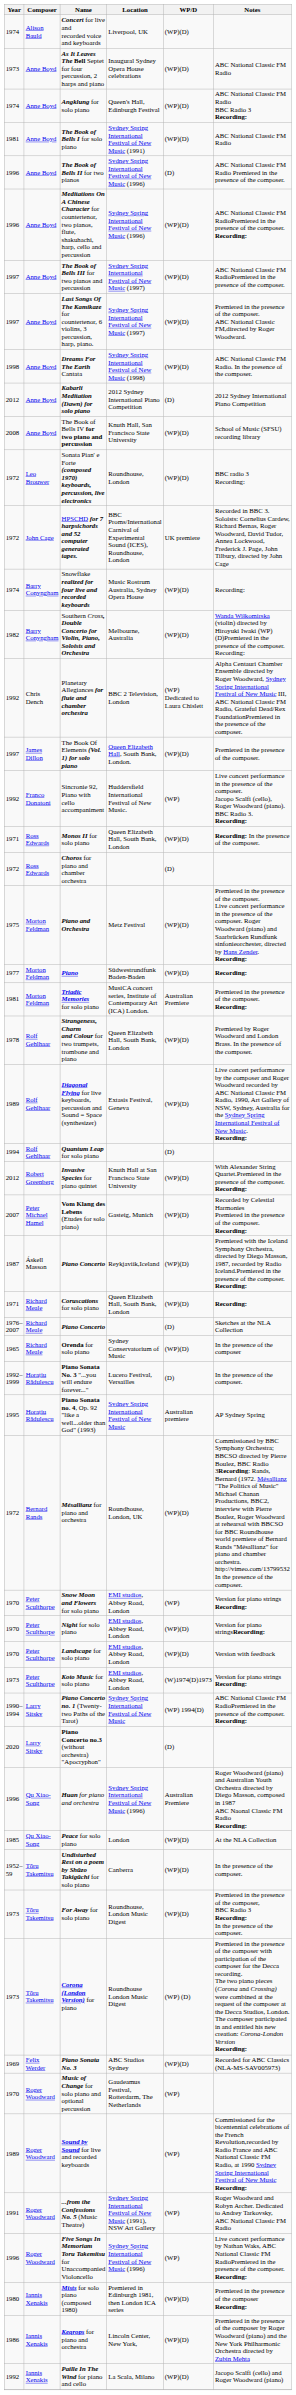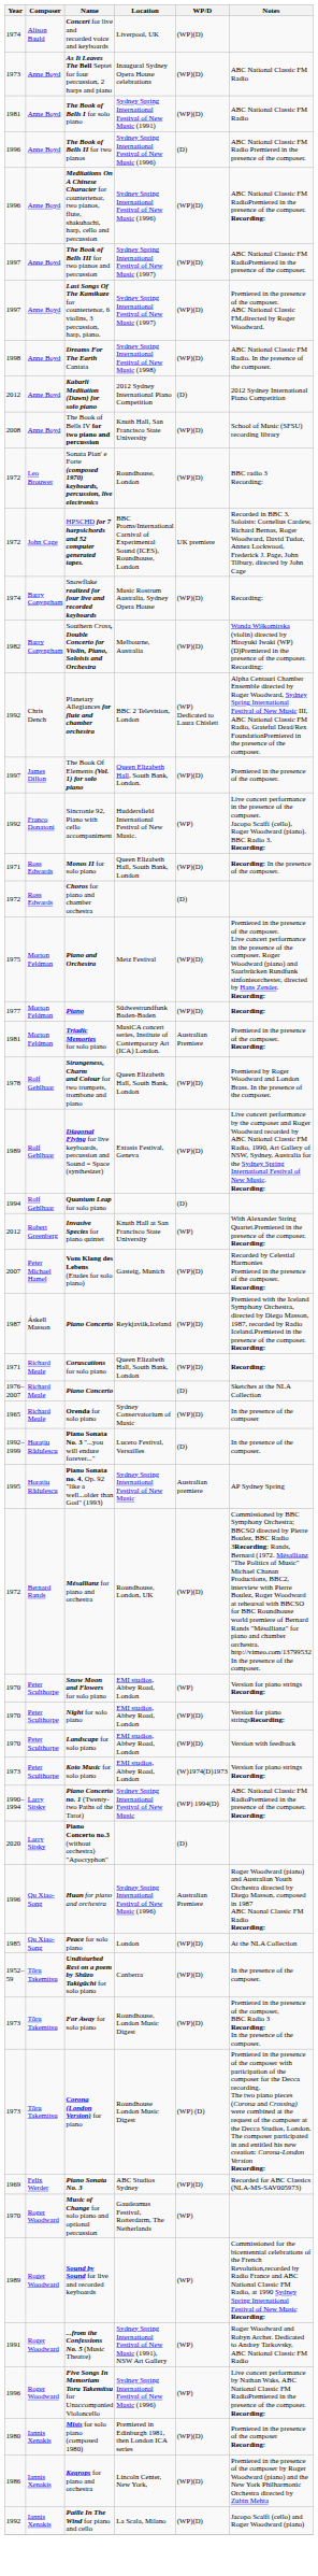 <table class="wikitable sortable">
 <tr>
 <th>Year</th>
 <th>Composer</th>
 <th>Name</th>
 <th>Location</th>
 <th>WP/D</th>
 <th>Notes</th>
 </tr>
 <tr>
 <td>1974</td>
 <td><a href='#'>Alison Bauld</a></td>
 <td><strong><em>Concert</em></strong> for live and<br>recorded voice and keyboards</td>
 <td>Liverpool, UK</td>
 <td>(WP)(D)</td>
 <td></td>
 </tr>
 <tr>
 <td>1973</td>
 <td><a href='#'>Anne Boyd</a></td>
 <td><strong><em>As It Leaves The</em></strong> <strong>Bell</strong> Septet for four percussion, 2 harps and piano</td>
 <td>Inaugural Sydney Opera House celebrations</td>
 <td>(WP)(D)</td>
 <td>ABC National Classic FM Radio</td>
-</tr>
-<tr>
-<td>1974</td>
-<td><a href='#'>Anne Boyd</a></td>
-<td><strong><em>Angklung</em></strong> for solo piano</td>
-<td>Queen's Hall, Edinburgh Festival</td>
-<td>(WP)(D)</td>
-<td>ABC National Classic FM Radio<br>BBC Radio 3<br><strong>Recording:</strong> </td>
 </tr>
 <tr>
 <td>1981</td>
 <td><a href='#'>Anne Boyd</a></td>
 <td><strong><em>The Book of Bells I</em></strong> for solo piano</td>
 <td><a href='#'>Sydney Spring International Festival of New Music</a> (1991)</td>
 <td>(WP)(D)</td>
 <td>ABC National Classic FM Radio</td>
 </tr>
 <tr>
 <td>1996</td>
 <td><a href='#'>Anne Boyd</a></td>
 <td><strong><em>The Book of Bells II</em></strong> for two pianos</td>
 <td><a href='#'>Sydney Spring International Festival of New Music</a> (1996)</td>
 <td>(D)</td>
 <td>ABC National Classic FM Radio Premiered in the presence of the composer.</td>
 </tr>
 <tr>
 <td>1996</td>
 <td><a href='#'>Anne Boyd</a></td>
 <td><strong><em>Meditations On A Chinese Character</em></strong> for countertenor, two pianos, flute, shakuhachi, harp, cello and percussion</td>
 <td><a href='#'>Sydney Spring International Festival of New Music</a> (1996)</td>
 <td>(WP)(D)</td>
 <td>ABC National Classic FM RadioPremiered in the presence of the composer.<br><strong>Recording:</strong> </td>
 </tr>
 <tr>
 <td>1997</td>
 <td><a href='#'>Anne Boyd</a></td>
 <td><strong><em>The Book of Bells III</em></strong> for two pianos and percussion</td>
 <td><a href='#'>Sydney Spring International Festival of New Music</a> (1997)</td>
 <td>(WP)(D)</td>
 <td>ABC National Classic FM RadioPremiered in the presence of the composer.</td>
 </tr>
 <tr>
 <td>1997</td>
 <td><a href='#'>Anne Boyd</a></td>
 <td><strong><em>Last Songs Of The Kamikaze</em></strong> for countertenor, 6 violins, 3 percussion, harp, piano.</td>
 <td><a href='#'>Sydney Spring International Festival of New Music</a> (1997)</td>
 <td>(WP)(D)</td>
 <td>Premiered in the presence of the composer.<br>ABC National Classic FM,directed by Roger Woodward.</td>
 </tr>
 <tr>
 <td>1998</td>
 <td><a href='#'>Anne Boyd</a></td>
 <td><strong><em>Dreams For The Earth</em></strong> Cantata</td>
 <td><a href='#'>Sydney Spring International Festival of New Music</a> (1998)</td>
 <td>(WP)(D)</td>
 <td>ABC National Classic FM Radio. In the presence of the composer.</td>
 </tr>
 <tr>
 <td>2012</td>
 <td><a href='#'>Anne Boyd</a></td>
 <td><strong><em>Kabarli M<em>editation (Dawn)<strong> for solo piano</td>
 <td>2012 Sydney International Piano Competition</td>
 <td>(D)</td>
 <td>2012 Sydney International Piano Competition</td>
 </tr>
 <tr>
 <td>2008</td>
 <td><a href='#'>Anne Boyd</a></td>
 <td></strong>The Book of Bells IV<strong> for two piano and percussion</td>
 <td>Knuth Hall, San Francisco State University</td>
 <td>(WP)(D)</td>
 <td>School of Music (SFSU) recording library</td>
 </tr>
 <tr>
 <td>1972</td>
 <td><a href='#'>Leo Brouwer</a></td>
 <td></em></strong>Sonata Pian' e Forte<strong><em> (composed 1970) keyboards, percussion, live electronics</td>
 <td>Roundhouse, London</td>
 <td>(WP)(D)</td>
 <td>BBC radio 3<br></strong>Recording:<strong> </td>
 </tr>
 <tr>
 <td>1972</td>
 <td><a href='#'>John Cage</a></td>
 <td></em></strong><a href='#'>HPSCHD</a><strong><em> for 7 harpsichords and 52 computer generated tapes.</td>
 <td>BBC Proms/International Carnival of Experimental Sound (ICES), Roundhouse, London</td>
 <td>UK premiere</td>
 <td>Recorded in BBC 3.<br>Soloists: Cornelius Cardew, Richard Bernas, Roger Woodward, David Tudor, Annea Lockwood, Frederick J. Page, John Tilbury, directed by John Cage</td>
 </tr>
 <tr>
 <td>1974</td>
 <td><a href='#'>Barry Conyngham</a></td>
 <td></em></strong>Snowflake<strong><em> realized for four live and recorded keyboards</td>
 <td>Music Rostrum Australia, Sydney Opera House</td>
 <td>(WP)(D)</td>
 <td></strong>Recording:<strong> </td>
 </tr>
 <tr>
 <td>1982</td>
 <td><a href='#'>Barry Conyngham</a></td>
 <td></em></strong>Southern<strong><em> </strong>Cross<strong>, Double Concerto for Violin, Piano, Soloists and Orchestra</td>
 <td>Melbourne, Australia</td>
 <td>(WP)(D)</td>
 <td><a href='#'>Wanda Wiłkomirska</a> (violin) directed by Hiroyuki Iwaki (WP)(D)Premiered in the presence of the composer.<br></strong>Recording:<strong> </td>
 </tr>
 <tr>
 <td>1992</td>
 <td>Chris Dench</td>
 <td></em></strong>Planetary Allegiances<strong><em> for flute and chamber orchestra</td>
 <td>BBC 2 Television, London</td>
 <td>(WP)<br>Dedicated to Laura Chislett</td>
 <td>Alpha Centauri Chamber Ensemble directed by Roger Woodward, <a href='#'>Sydney Spring International Festival of New Music</a> III, ABC National Classic FM Radio, Grateful Dead/Rex FoundationPremiered in the presence of the composer.</td>
 </tr>
 <tr>
 <td>1997</td>
 <td><a href='#'>James Dillon</a></td>
 <td></em></strong>The Book Of Elements<strong><em> (Vol. 1) for solo piano</td>
 <td><a href='#'>Queen Elizabeth Hall</a>, South Bank, London.</td>
 <td>(WP)(D)</td>
 <td>Premiered in the presence of the composer.</td>
 </tr>
 <tr>
 <td>1992</td>
 <td><a href='#'>Franco Donatoni</a></td>
 <td></em></strong>Sincronie 92</strong>,</em> Piano with cello accompaniment</td>
 <td>Huddersfield International Festival of New Music.</td>
 <td>(WP)</td>
 <td>Live concert performance in the presence of the composer.<br>Jacopo Scalfi (cello), Roger Woodward (piano). BBC Radio 3.<br><strong>Recording:</strong> </td>
 </tr>
 <tr>
 <td>1971</td>
 <td><a href='#'>Ross Edwards</a></td>
 <td><strong><em>Monos II</em></strong> for solo piano</td>
 <td>Queen Elizabeth Hall, South Bank, London</td>
 <td>(WP)(D)</td>
 <td><strong>Recording:</strong>  In the presence of the composer.</td>
 </tr>
 <tr>
 <td>1972</td>
 <td><a href='#'>Ross Edwards</a></td>
 <td><strong><em>Choros</em></strong> for piano and chamber orchestra</td>
 <td></td>
 <td>(D)</td>
 <td></td>
 </tr>
 <tr>
 <td>1975</td>
 <td><a href='#'>Morton Feldman</a></td>
 <td><strong><em>Piano and Orchestra</em></strong></td>
 <td>Metz Festival</td>
 <td>(WP)(D)</td>
 <td>Premiered in the presence of the composer.<br>Live concert performance in the presence of the composer. Roger Woodward (piano) and Saarbrücken Rundfunk sinfonieorchester, directed by <a href='#'>Hans Zender</a>. <strong>Recording:</strong> </td>
 </tr>
 <tr>
 <td>1977</td>
 <td><a href='#'>Morton Feldman</a></td>
 <td><strong><em><a href='#'>Piano</a></em></strong></td>
 <td>Südwestrundfunk Baden-Baden</td>
 <td>(WP)(D)</td>
 <td><strong>Recording:</strong> </td>
 </tr>
 <tr>
 <td>1981</td>
 <td><a href='#'>Morton Feldman</a></td>
 <td><strong><em><a href='#'>Triadic Memories</a></em></strong><br>for solo piano</td>
 <td>MusiCA concert series, Institute of Contemporary Art (ICA) London.</td>
 <td>Australian Premiere</td>
 <td>Premiered in the presence of the composer.<br><strong>Recording:</strong> </td>
 </tr>
 <tr>
 <td>1978</td>
 <td><a href='#'>Rolf Gehlhaar</a></td>
 <td><strong><em>Strangeness, Charm</em></strong><br><strong><em>and Colour</em></strong> for two trumpets, trombone and piano</td>
 <td>Queen Elizabeth Hall, South Bank, London</td>
 <td>(WP)(D)</td>
 <td>Premiered by Roger Woodward and London Brass. In the presence of the composer.</td>
 </tr>
 <tr>
 <td>1989</td>
 <td><a href='#'>Rolf Gehlhaar</a></td>
 <td><strong><em><a href='#'>Diagonal Flying</a></em></strong> for live keyboards, percussion and Sound = Space (synthesizer)</td>
 <td>Extasis Festival, Geneva</td>
 <td>(WP)(D)</td>
 <td>Live concert performance by the composer and Roger Woodward recorded by ABC National Classic FM Radio, 1990, Art Gallery of NSW, Sydney, Australia for the <a href='#'>Sydney Spring International Festival of New Music</a>.<br><strong>Recording:</strong> </td>
 </tr>
 <tr>
 <td>1994</td>
 <td><a href='#'>Rolf Gehlhaar</a></td>
 <td><strong><em>Quantum Leap</em></strong> for solo piano</td>
 <td></td>
 <td>(D)</td>
 <td></td>
 </tr>
 <tr>
 <td>2012</td>
 <td><a href='#'>Robert Greenberg</a></td>
 <td><strong><em>Invasive Species</em></strong> for piano quintet</td>
 <td>Knuth Hall at San Francisco State University</td>
-<td>(WP)(D)</td>
+<td>(WP)</td>
 <td>With Alexander String Quartet.Premiered in the presence of the composer.<br><strong>Recording:</strong> </td>
 </tr>
 <tr>
 <td>2007</td>
 <td><a href='#'>Peter Michael Hamel</a></td>
 <td><strong>Vom Klang des</strong><br><strong>Lebens</strong><br>(Etudes for solo piano)</td>
 <td>Gasteig, Munich</td>
 <td>(WP)(D)</td>
 <td>Recorded by Celestial Harmonies<br>Premiered in the presence of the composer. <strong>Recording:</strong> </td>
 </tr>
 <tr>
 <td>1987</td>
 <td>Áskell Masson</td>
 <td><strong><em>Piano Concerto</em></strong></td>
 <td>Reykjaviik,Iceland</td>
 <td>(WP)(D)</td>
 <td>Premiered with the Iceland Symphony Orchestra, directed by Diego Masson, 1987, recorded by Radio Iceland.Premiered in the presence of the composer.<br><strong>Recording:</strong> </td>
 </tr>
 <tr>
 <td>1971</td>
 <td><a href='#'>Richard Meale</a></td>
 <td><strong><em>Coruscations</em></strong> for solo piano</td>
 <td>Queen Elizabeth Hall, South Bank, London</td>
 <td>(WP)(D)</td>
 <td><strong>Recording:</strong> </td>
 </tr>
 <tr>
 <td>1976–2007</td>
 <td><a href='#'>Richard Meale</a></td>
 <td><strong><em>Piano Concerto</em></strong></td>
 <td></td>
 <td>(D)</td>
 <td>Sketches at the NLA Collection</td>
 </tr>
 <tr>
 <td>1965</td>
 <td><a href='#'>Richard Meale</a></td>
 <td><strong>Orenda</strong> for solo piano</td>
 <td>Sydney Conservatorium of Music</td>
 <td>(WP)(D)</td>
 <td>In the presence of the composer</td>
 </tr>
 <tr>
 <td>1992–1999</td>
 <td><a href='#'>Horațiu Rădulescu</a></td>
 <td><strong>Piano Sonata No. 3</strong> "...you will endure forever..."</td>
 <td>Lucero Festival, Versailles</td>
 <td>(D)</td>
 <td>In the presence of the composer.</td>
 </tr>
 <tr>
 <td>1995</td>
 <td><a href='#'>Horațiu Rădulescu</a></td>
 <td><strong>Piano Sonata no. 4</strong>, Op. 92 "like a well...older than God" (1993)</td>
 <td><a href='#'>Sydney Spring International Festival of New Music</a></td>
 <td>Australian<br>premiere</td>
 <td>AP Sydney Spring</td>
 </tr>
 <tr>
 <td>1972</td>
 <td><a href='#'>Bernard Rands</a></td>
 <td><strong><em>Mésallianz</em></strong> for piano and<br>orchestra</td>
 <td>Roundhouse, London, UK</td>
 <td>(WP)(D)</td>
 <td>Commissioned by BBC Symphony Orchestra; BBCSO directed by Pierre Boulez, BBC Radio 3<strong>Recording</strong>: Rands, Bernard (1972. <a href='#'>Mésallianz</a><br>"The Politics of Music" Michael Chanan Productions, BBC2, interview with Pierre Boulez, Roger Woodward at rehearsal with BBCSO for BBC Roundhouse world premiere of Bernard Rands "Mésallianz" for piano and chamber orchestra. http://vimeo.com/13799532<br>In the presence of the composer.</td>
 </tr>
 <tr>
 <td>1970</td>
 <td><a href='#'>Peter Sculthorpe</a></td>
 <td><strong><em>Snow Moon and</em></strong> <strong><em>Flowers</em></strong> for solo piano</td>
 <td><a href='#'>EMI studios</a>, Abbey Road, London</td>
 <td>(WP)</td>
 <td>Version for piano strings<br><strong>Recording:</strong> </td>
 </tr>
 <tr>
 <td>1970</td>
 <td><a href='#'>Peter Sculthorpe</a></td>
 <td><strong><em>Night</em></strong> for solo piano</td>
 <td><a href='#'>EMI studios</a>, Abbey Road, London</td>
 <td>(WP)(D)</td>
 <td>Version for piano strings<strong>Recording:</strong> </td>
 </tr>
 <tr>
 <td>1970</td>
 <td><a href='#'>Peter Sculthorpe</a></td>
 <td><strong><em>Landscape</em></strong> for solo piano</td>
 <td><a href='#'>EMI studios</a>, Abbey Road, London</td>
 <td>(WP)(D)</td>
 <td>Version with feedback</td>
 </tr>
 <tr>
 <td>1973</td>
 <td><a href='#'>Peter Sculthorpe</a></td>
 <td><strong><em>Koto Music</em></strong> for solo piano</td>
 <td><a href='#'>EMI studios</a>, Abbey Road, London</td>
 <td>(W)1974(D)1973</td>
 <td>Version for piano strings<br><strong>Recording:</strong> </td>
 </tr>
 <tr>
 <td>1990–1994</td>
 <td><a href='#'>Larry Sitsky</a></td>
 <td><strong><em>Piano Concerto no. 1</em></strong> (Twenty-two Paths of the Tarot)</td>
 <td><a href='#'>Sydney Spring International Festival of New Music</a></td>
 <td>(WP) 1994(D)</td>
 <td>ABC National Classic FM RadioPremiered in the presence of the composer.<br><strong>Recording:</strong> </td>
 </tr>
 <tr>
 <td>2020</td>
 <td><a href='#'>Larry Sitsky</a></td>
 <td><strong>Piano Concerto no.3</strong><br>(without orchestra)<br>"Apocryphon"</td>
 <td></td>
 <td>(D)</td>
 <td></td>
 </tr>
 <tr>
 <td>1996</td>
 <td><a href='#'>Qu Xiao-Song</a></td>
 <td><strong><em>Huan</em></strong> <em>for piano and orchestra</em></td>
 <td><a href='#'>Sydney Spring International Festival of New Music</a> (1996)</td>
 <td>Australian Premiere</td>
 <td>Roger Woodward (piano) and Australian Youth Orchestra directed by Diego Masson, composed in 1987<br>ABC Naonal Classic FM Radio<br><strong>Recording:</strong> </td>
 </tr>
 <tr>
 <td>1985</td>
 <td><a href='#'>Qu Xiao-Song</a></td>
 <td><strong><em>Peace</em></strong> for solo piano</td>
 <td>London</td>
 <td>(WP)(D)</td>
 <td>At the NLA Collection</td>
 </tr>
 <tr>
 <td>1952–59</td>
 <td><a href='#'>Tōru Takemitsu</a></td>
 <td><strong><em>Undisturbed Rest on</em></strong> <strong><em>a</em></strong> <strong><em>poem by Shūzo</em></strong> <strong><em>Takigūchi</em></strong> for solo piano</td>
 <td>Canberra</td>
 <td>(WP)(D)</td>
 <td>In the presence of the composer.</td>
 </tr>
 <tr>
 <td>1973</td>
 <td><a href='#'>Tōru Takemitsu</a></td>
 <td><strong><em>For Away</em></strong> for solo piano</td>
 <td>Roundhouse, London Music Digest</td>
 <td>(WP)(D)</td>
 <td>Premiered in the presence of the composer,<br>BBC Radio 3<br><strong>Recording:</strong> <br>In the presence of the composer.</td>
 </tr>
 <tr>
 <td>1973</td>
 <td><a href='#'>Tōru Takemitsu</a></td>
 <td><strong><em><a href='#'>Corona (London</em></strong> <strong><em>Version)</a></em></strong> for piano</td>
 <td>Roundhouse London Music Digest</td>
 <td>(WP) (D)</td>
 <td>Premiered in the presence of the composer with participation of the composer for the Decca recording.<br>The two piano pieces (<em>Corona</em> and <em>Crossing)</em> were combined at the request of the composer at the Decca Studios, London. The composer participated in and entitled his new creation: <em>Corona-London</em> <em>Version</em><br><strong>Recording:</strong> </td>
 </tr>
 <tr>
 <td>1969</td>
 <td><a href='#'>Felix Werder</a></td>
 <td><strong><em>Piano Sonata No. 3</em></strong></td>
 <td>ABC Studios Sydney</td>
 <td>(WP)(D)</td>
 <td>Recorded for ABC Classics (NLA-MS-SAV005973)</td>
 </tr>
 <tr>
 <td>1970</td>
 <td><a href='#'>Roger Woodward</a></td>
 <td><strong><em>Music of Change</em></strong> for solo piano and optional percussion</td>
 <td>Gaudeamus Festival, Rotterdarm, The Netherlands</td>
 <td>(WP)</td>
 <td></td>
 </tr>
 <tr>
 <td>1989</td>
 <td><a href='#'>Roger Woodward</a></td>
 <td><strong><em><a href='#'>Sound by Sound</a></em></strong> for live and recorded keyboards</td>
 <td></td>
 <td>(WP)</td>
 <td>Commissioned for the bicentennial celebrations of the French Revolution,recorded by Radio France and ABC National Classic FM Radio, at 1990 <a href='#'>Sydney Spring International Festival of New Music</a><br><strong>Recording:</strong> </td>
 </tr>
 <tr>
 <td>1991</td>
 <td><a href='#'>Roger Woodward</a></td>
 <td><strong><em>...from the Confessions No. 5</em></strong> (Music Theatre)</td>
 <td><a href='#'>Sydney Spring International Festival of New Music</a> (1991), NSW Art Gallery</td>
 <td>(WP)</td>
 <td>Roger Woodward and Robyn Archer. Dedicated to Andrey Tarkovsky,<br>ABC National Classic FM Radio</td>
 </tr>
 <tr>
 <td>1996</td>
 <td><a href='#'>Roger Woodward</a></td>
 <td><strong><em>Five Songs In</em></strong> <strong><em>Memoriam Toru</em></strong> <strong><em>Takemitsu</em></strong> for Unaccompanied Violoncello</td>
 <td><a href='#'>Sydney Spring International Festival of New Music</a> (1996)</td>
 <td>(WP)</td>
 <td>Live concert performance by Nathan Waks, ABC National Classic FM RadioPremiered in the presence of the composer.<br><strong>Recording:</strong> </td>
 </tr>
 <tr>
 <td>1980</td>
 <td><a href='#'>Iannis Xenakis</a></td>
 <td><strong><em><a href='#'>Mists</a></em></strong> for solo piano<br>(composed 1980)</td>
 <td>Premiered in Edinburgh 1981, then London ICA series</td>
 <td>(WP)(D)</td>
 <td>Premiered in the presence of the composer<br><strong>Recording:</strong> </td>
 </tr>
 <tr>
 <td>1986</td>
 <td><a href='#'>Iannis Xenakis</a></td>
 <td><strong><em><a href='#'>Keqrops</a></em></strong> for piano and orchestra</td>
 <td>Lincoln Center, New York,</td>
 <td>(WP)(D)</td>
 <td>Premiered in the presence of the composer by Roger Woodward (piano) and the New York Philharmonic Orchestra directed by <a href='#'>Zubin Mehta</a></td>
 </tr>
 <tr>
 <td>1992</td>
 <td><a href='#'>Iannis Xenakis</a></td>
 <td><strong><em>Paille In The Wind</em></strong> for piano and cello</td>
 <td>La Scala, Milano</td>
 <td>(WP)(D)</td>
 <td>Jacopo Scalfi (cello) and Roger Woodward (piano)</td>
 </tr>
 <tr>
 </tr>
 </table>
